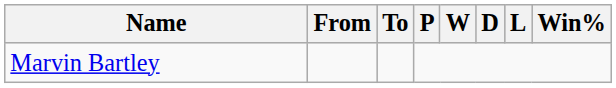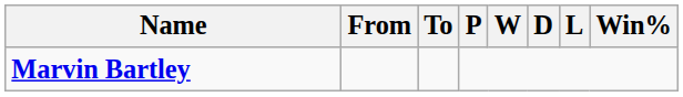 <table class="wikitable sortable" style="text-align: center">
 <tr>
 <th style="width:12em">Name</th>
 <th>From</th>
 <th>To</th>
 <th>P</th>
 <th>W</th>
 <th>D</th>
 <th>L</th>
 <th>Win%</th>
 </tr>
 <tr>
-<td align=left><a href='#'>Marvin Bartley</a></td>
+<td align=left><strong><a href='#'>Marvin Bartley</a></strong></td>
 <td></td>
 <td><br></td>
 </tr>
 </table>
